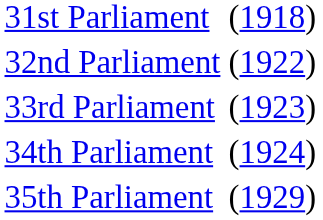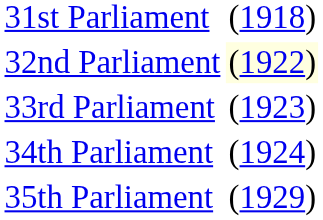 <table id=toc style="float:right">
 <tr>
 <td><a href='#'>31st Parliament</a></td>
 <td>(<a href='#'>1918</a>)</td>
 </tr>
 <tr>
 <td><a href='#'>32nd Parliament</a></td>
-<td>(<a href='#'>1922</a>)</td>
+<td style="background: lightyellow;">(<a href='#'>1922</a>)</td>
 </tr>
 <tr>
 <td><a href='#'>33rd Parliament</a></td>
 <td>(<a href='#'>1923</a>)</td>
 </tr>
 <tr>
 <td><a href='#'>34th Parliament</a></td>
 <td>(<a href='#'>1924</a>)</td>
 </tr>
 <tr>
 <td><a href='#'>35th Parliament</a></td>
 <td>(<a href='#'>1929</a>)</td>
 </tr>
 </table>
